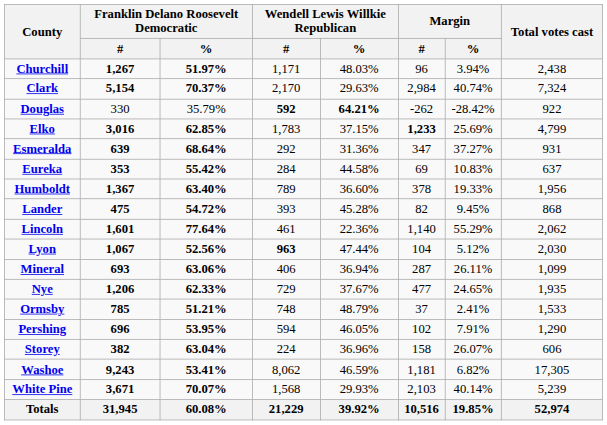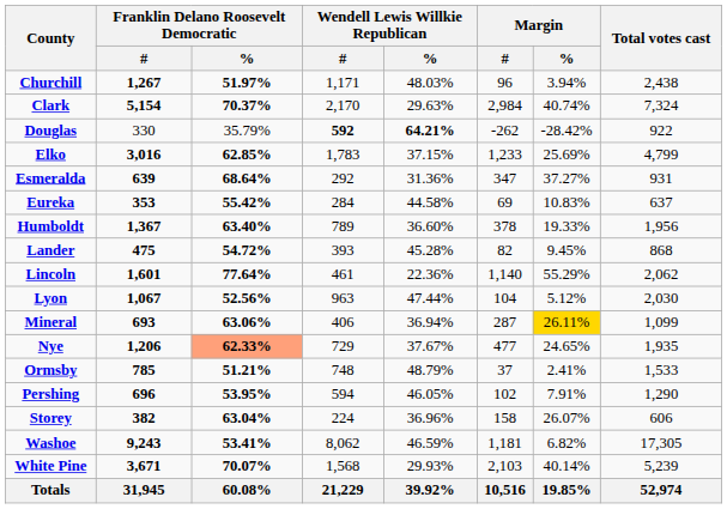 <table width="60%"  class="wikitable sortable" style="text-align:center">
 <tr>
 <th rowspan="2" style="text-align:center;">County</th>
 <th colspan="2" style="text-align:center;">Franklin Delano Roosevelt<br>Democratic</th>
 <th colspan="2" style="text-align:center;">Wendell Lewis Willkie<br>Republican</th>
 <th style="text-align:center;" colspan="2">Margin</th>
 <th rowspan="2" style="text-align:center;">Total votes cast</th>
 </tr>
 <tr>
 <th style="text-align:center;" data-sort-type="number">#</th>
 <th style="text-align:center;" data-sort-type="number">%</th>
 <th style="text-align:center;" data-sort-type="number">#</th>
 <th style="text-align:center;" data-sort-type="number">%</th>
 <th style="text-align:center;" data-sort-type="number">#</th>
 <th style="text-align:center;" data-sort-type="number">%</th>
 </tr>
 <tr style="text-align:center;">
 <td><strong><a href='#'>Churchill</a></strong></td>
 <td><strong>1,267</strong></td>
 <td><strong>51.97%</strong></td>
 <td>1,171</td>
 <td>48.03%</td>
 <td>96</td>
 <td>3.94%</td>
 <td>2,438</td>
 </tr>
 <tr style="text-align:center;">
 <td><strong><a href='#'>Clark</a></strong></td>
 <td><strong>5,154</strong></td>
 <td><strong>70.37%</strong></td>
 <td>2,170</td>
 <td>29.63%</td>
 <td>2,984</td>
 <td>40.74%</td>
 <td>7,324</td>
 </tr>
 <tr style="text-align:center;">
 <td><strong><a href='#'>Douglas</a></strong></td>
 <td>330</td>
 <td>35.79%</td>
 <td><strong>592</strong></td>
 <td><strong>64.21%</strong></td>
 <td>-262</td>
 <td>-28.42%</td>
 <td>922</td>
 </tr>
 <tr style="text-align:center;">
 <td><strong><a href='#'>Elko</a></strong></td>
 <td><strong>3,016</strong></td>
 <td><strong>62.85%</strong></td>
 <td>1,783</td>
 <td>37.15%</td>
-<td><strong>1,233</strong></td>
+<td>1,233</td>
 <td>25.69%</td>
 <td>4,799</td>
 </tr>
 <tr style="text-align:center;">
 <td><strong><a href='#'>Esmeralda</a></strong></td>
 <td><strong>639</strong></td>
 <td><strong>68.64%</strong></td>
 <td>292</td>
 <td>31.36%</td>
 <td>347</td>
 <td>37.27%</td>
 <td>931</td>
 </tr>
 <tr style="text-align:center;">
 <td><strong><a href='#'>Eureka</a></strong></td>
 <td><strong>353</strong></td>
 <td><strong>55.42%</strong></td>
 <td>284</td>
 <td>44.58%</td>
 <td>69</td>
 <td>10.83%</td>
 <td>637</td>
 </tr>
 <tr style="text-align:center;">
 <td><strong><a href='#'>Humboldt</a></strong></td>
 <td><strong>1,367</strong></td>
 <td><strong>63.40%</strong></td>
 <td>789</td>
 <td>36.60%</td>
 <td>378</td>
 <td>19.33%</td>
 <td>1,956</td>
 </tr>
 <tr style="text-align:center;">
 <td><strong><a href='#'>Lander</a></strong></td>
 <td><strong>475</strong></td>
 <td><strong>54.72%</strong></td>
 <td>393</td>
 <td>45.28%</td>
 <td>82</td>
 <td>9.45%</td>
 <td>868</td>
 </tr>
 <tr style="text-align:center;">
 <td><strong><a href='#'>Lincoln</a></strong></td>
 <td><strong>1,601</strong></td>
 <td><strong>77.64%</strong></td>
 <td>461</td>
 <td>22.36%</td>
 <td>1,140</td>
 <td>55.29%</td>
 <td>2,062</td>
 </tr>
 <tr style="text-align:center;">
 <td><strong><a href='#'>Lyon</a></strong></td>
 <td><strong>1,067</strong></td>
 <td><strong>52.56%</strong></td>
-<td><strong>963</strong></td>
+<td>963</td>
 <td>47.44%</td>
 <td>104</td>
 <td>5.12%</td>
 <td>2,030</td>
 </tr>
 <tr style="text-align:center;">
 <td><strong><a href='#'>Mineral</a></strong></td>
 <td><strong>693</strong></td>
 <td><strong>63.06%</strong></td>
 <td>406</td>
 <td>36.94%</td>
 <td>287</td>
-<td>26.11%</td>
+<td style="background: gold;">26.11%</td>
 <td>1,099</td>
 </tr>
 <tr style="text-align:center;">
 <td><strong><a href='#'>Nye</a></strong></td>
 <td><strong>1,206</strong></td>
-<td><strong>62.33%</strong></td>
+<td style="background: lightsalmon;"><strong>62.33%</strong></td>
 <td>729</td>
 <td>37.67%</td>
 <td>477</td>
 <td>24.65%</td>
 <td>1,935</td>
 </tr>
 <tr style="text-align:center;">
 <td><strong><a href='#'>Ormsby</a></strong></td>
 <td><strong>785</strong></td>
 <td><strong>51.21%</strong></td>
 <td>748</td>
 <td>48.79%</td>
 <td>37</td>
 <td>2.41%</td>
 <td>1,533</td>
 </tr>
 <tr style="text-align:center;">
 <td><strong><a href='#'>Pershing</a></strong></td>
 <td><strong>696</strong></td>
 <td><strong>53.95%</strong></td>
 <td>594</td>
 <td>46.05%</td>
 <td>102</td>
 <td>7.91%</td>
 <td>1,290</td>
 </tr>
 <tr style="text-align:center;">
 <td><strong><a href='#'>Storey</a></strong></td>
 <td><strong>382</strong></td>
 <td><strong>63.04%</strong></td>
 <td>224</td>
 <td>36.96%</td>
 <td>158</td>
 <td>26.07%</td>
 <td>606</td>
 </tr>
 <tr style="text-align:center;">
 <td><strong><a href='#'>Washoe</a></strong></td>
 <td><strong>9,243</strong></td>
 <td><strong>53.41%</strong></td>
 <td>8,062</td>
 <td>46.59%</td>
 <td>1,181</td>
 <td>6.82%</td>
 <td>17,305</td>
 </tr>
 <tr style="text-align:center;">
 <td><strong><a href='#'>White Pine</a></strong></td>
 <td><strong>3,671</strong></td>
 <td><strong>70.07%</strong></td>
 <td>1,568</td>
 <td>29.93%</td>
 <td>2,103</td>
 <td>40.14%</td>
 <td>5,239</td>
 </tr>
 <tr style="text-align:center;">
 <th>Totals</th>
 <th>31,945</th>
 <th>60.08%</th>
 <th>21,229</th>
 <th>39.92%</th>
 <th>10,516</th>
 <th>19.85%</th>
 <th>52,974</th>
 </tr>
 </table>
